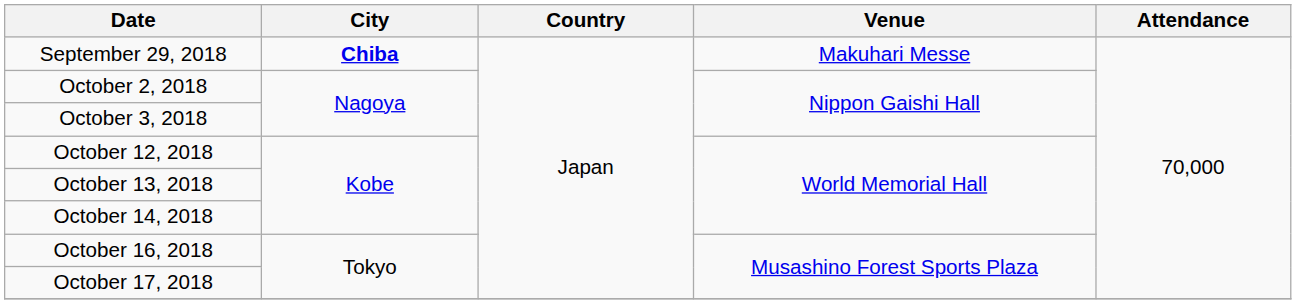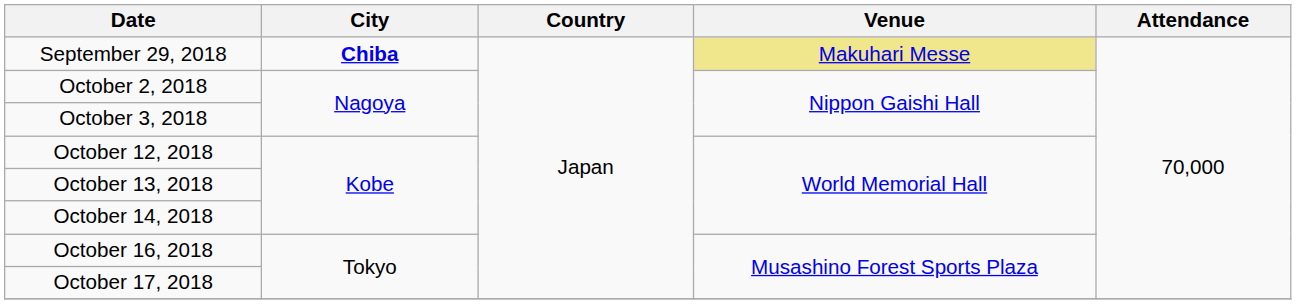 <table class="wikitable" style="text-align:center;">
 <tr>
 <th scope="col" style="width:12em;">Date</th>
 <th scope="col" style="width:10em;">City</th>
 <th scope="col" style="width:10em;">Country</th>
 <th scope="col" style="width:19em;">Venue</th>
 <th scope="col" style="width:9em;">Attendance</th>
 </tr>
 <tr>
 <td>September 29, 2018</td>
 <td><strong><a href='#'>Chiba</a></strong></td>
 <td rowspan="8">Japan</td>
-<td><a href='#'>Makuhari Messe</a></td>
+<td style="background: khaki;"><a href='#'>Makuhari Messe</a></td>
 <td rowspan="8">70,000</td>
 </tr>
 <tr>
 <td>October 2, 2018</td>
 <td rowspan="2"><a href='#'>Nagoya</a></td>
 <td rowspan="2"><a href='#'>Nippon Gaishi Hall</a></td>
 </tr>
 <tr>
 <td>October 3, 2018</td>
 </tr>
 <tr>
 <td>October 12, 2018</td>
 <td rowspan="3"><a href='#'>Kobe</a></td>
 <td rowspan="3"><a href='#'>World Memorial Hall</a></td>
 </tr>
 <tr>
 <td>October 13, 2018</td>
 </tr>
 <tr>
 <td>October 14, 2018</td>
 </tr>
 <tr>
 <td>October 16, 2018</td>
 <td rowspan="2">Tokyo</td>
 <td rowspan="2"><a href='#'>Musashino Forest Sports Plaza</a></td>
 </tr>
 <tr>
 <td>October 17, 2018</td>
 </tr>
 <tr>
 </tr>
 </table>
